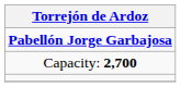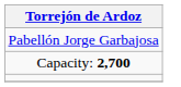 <table class="wikitable" style="text-align:center">
 <tr>
 <th><a href='#'>Torrejón de Ardoz</a></th>
 </tr>
 <tr>
-<td><strong><a href='#'>Pabellón Jorge Garbajosa</a></strong></td>
+<td><a href='#'>Pabellón Jorge Garbajosa</a></td>
 </tr>
 <tr>
 <td>Capacity: <strong>2,700 </strong></td>
 </tr>
 <tr>
 <td></td>
 </tr>
 <tr>
 </tr>
 </table>
